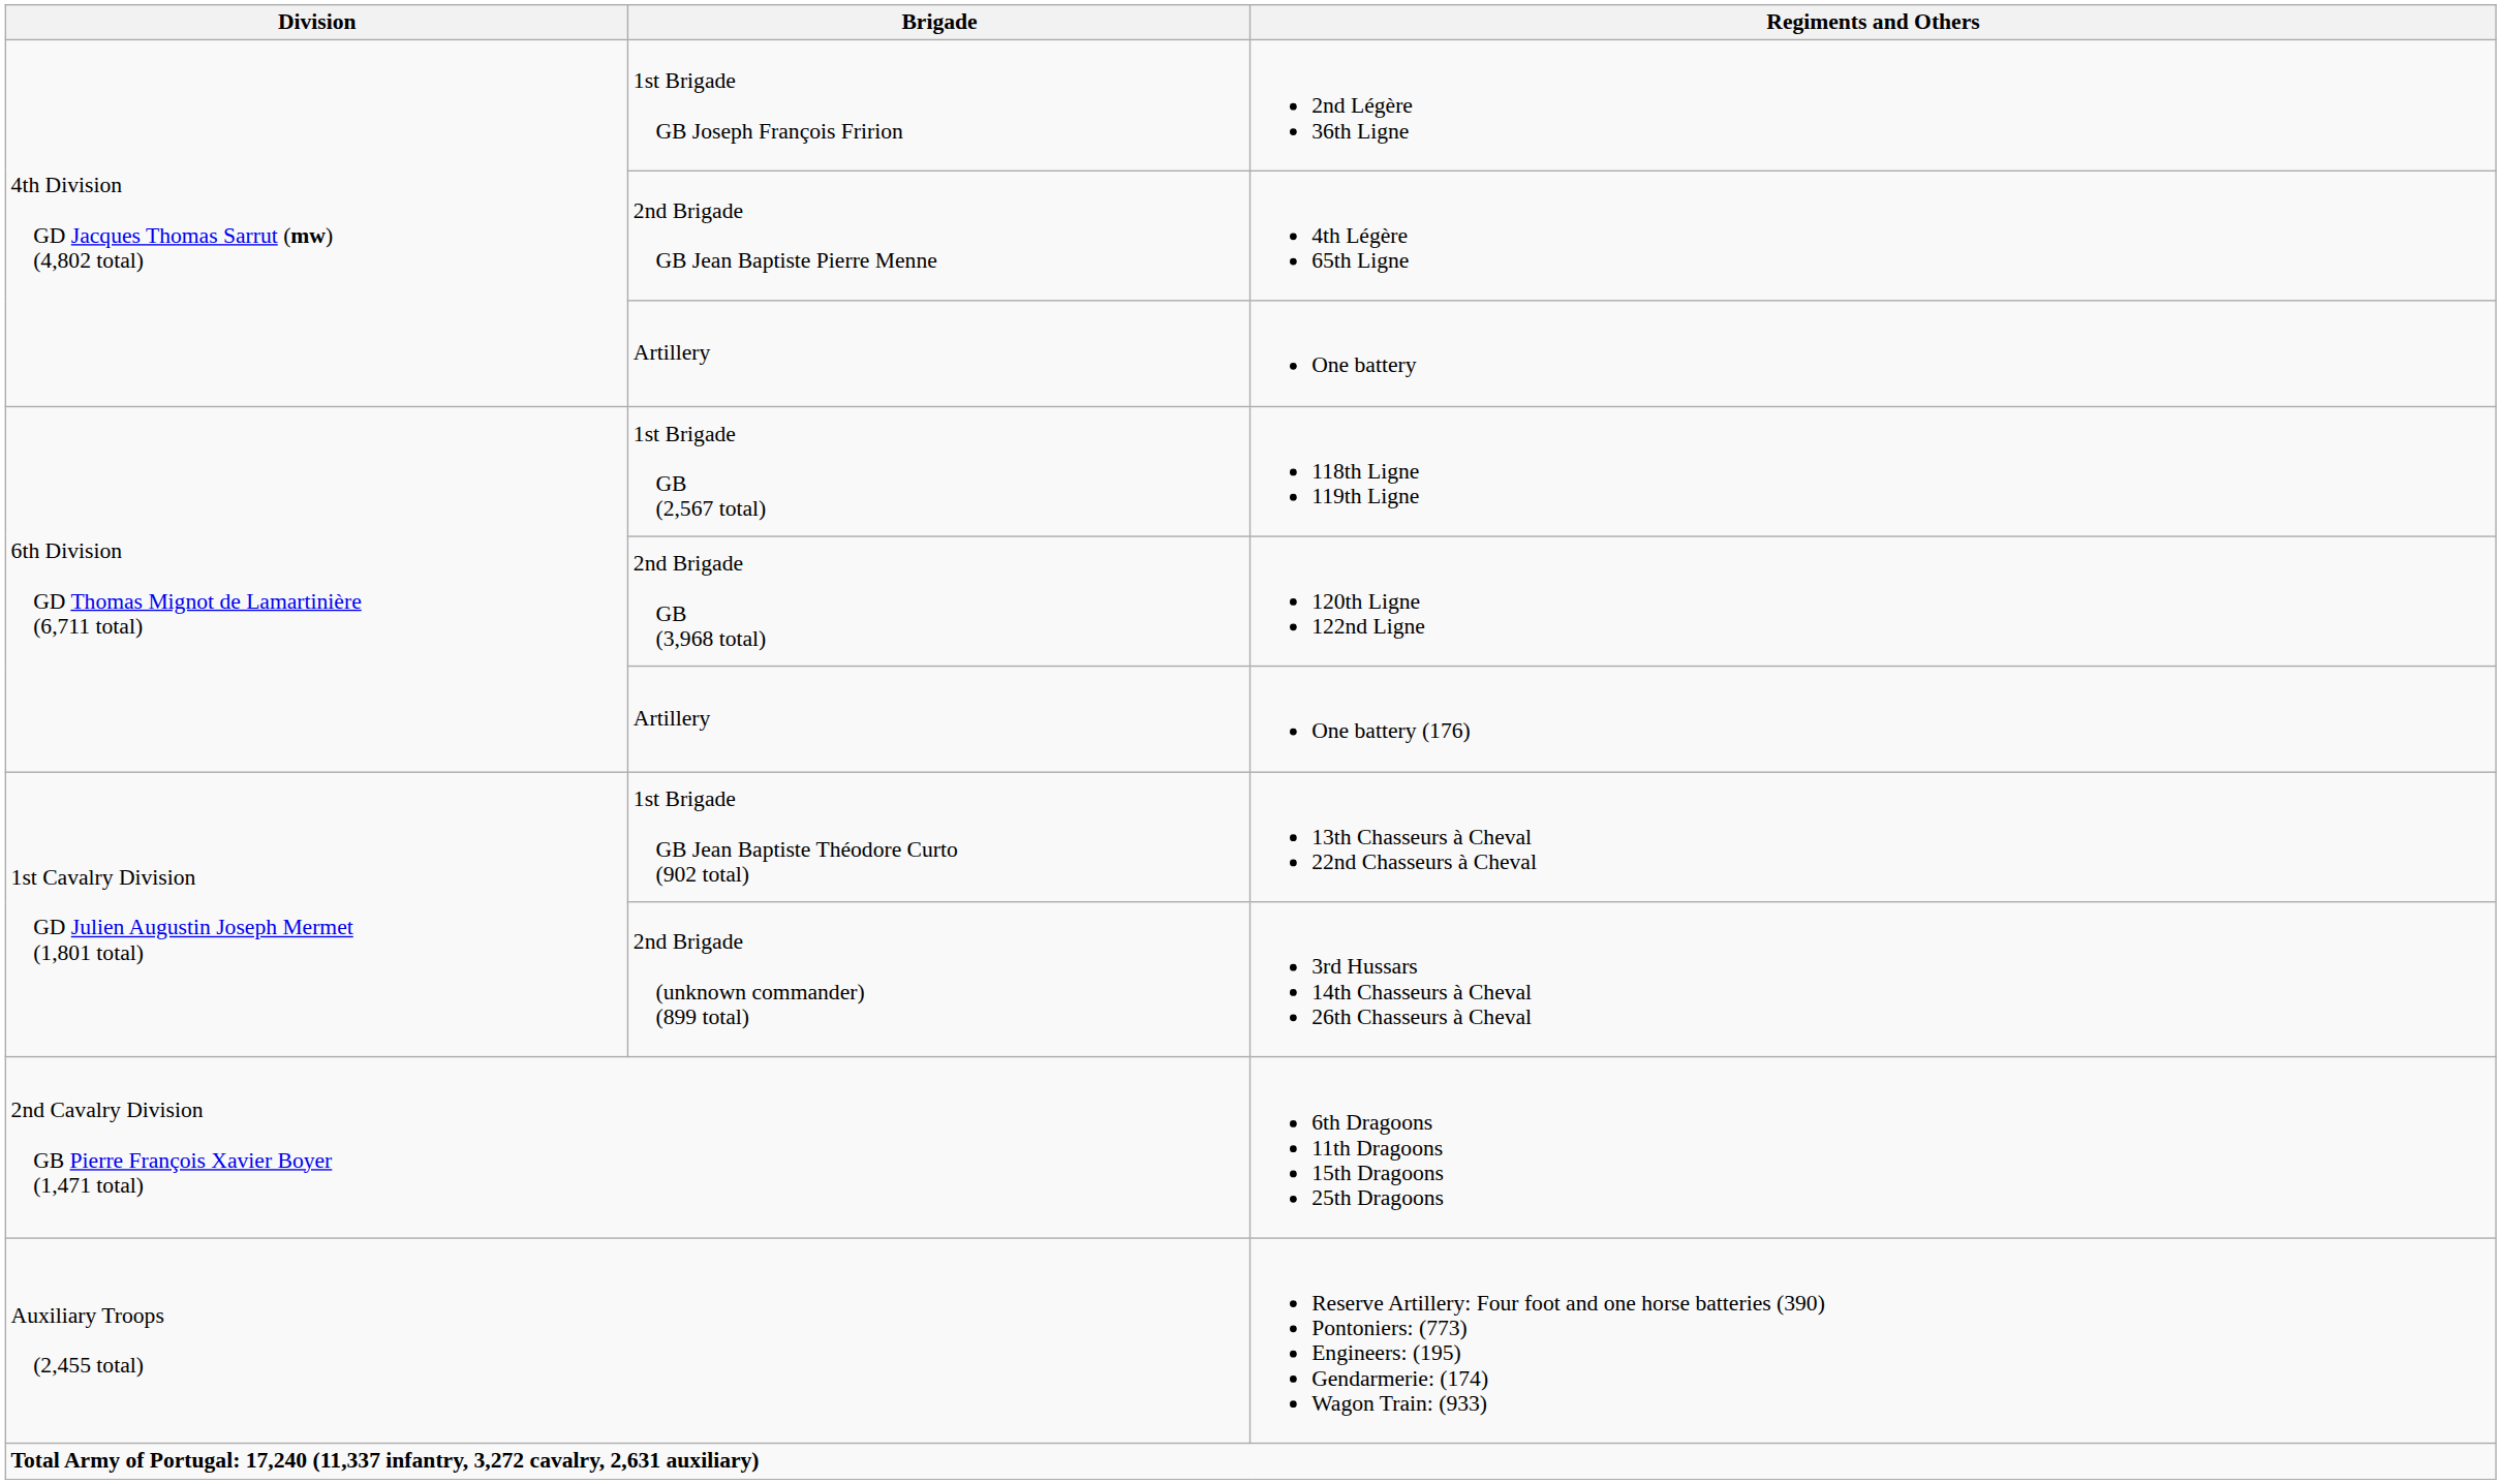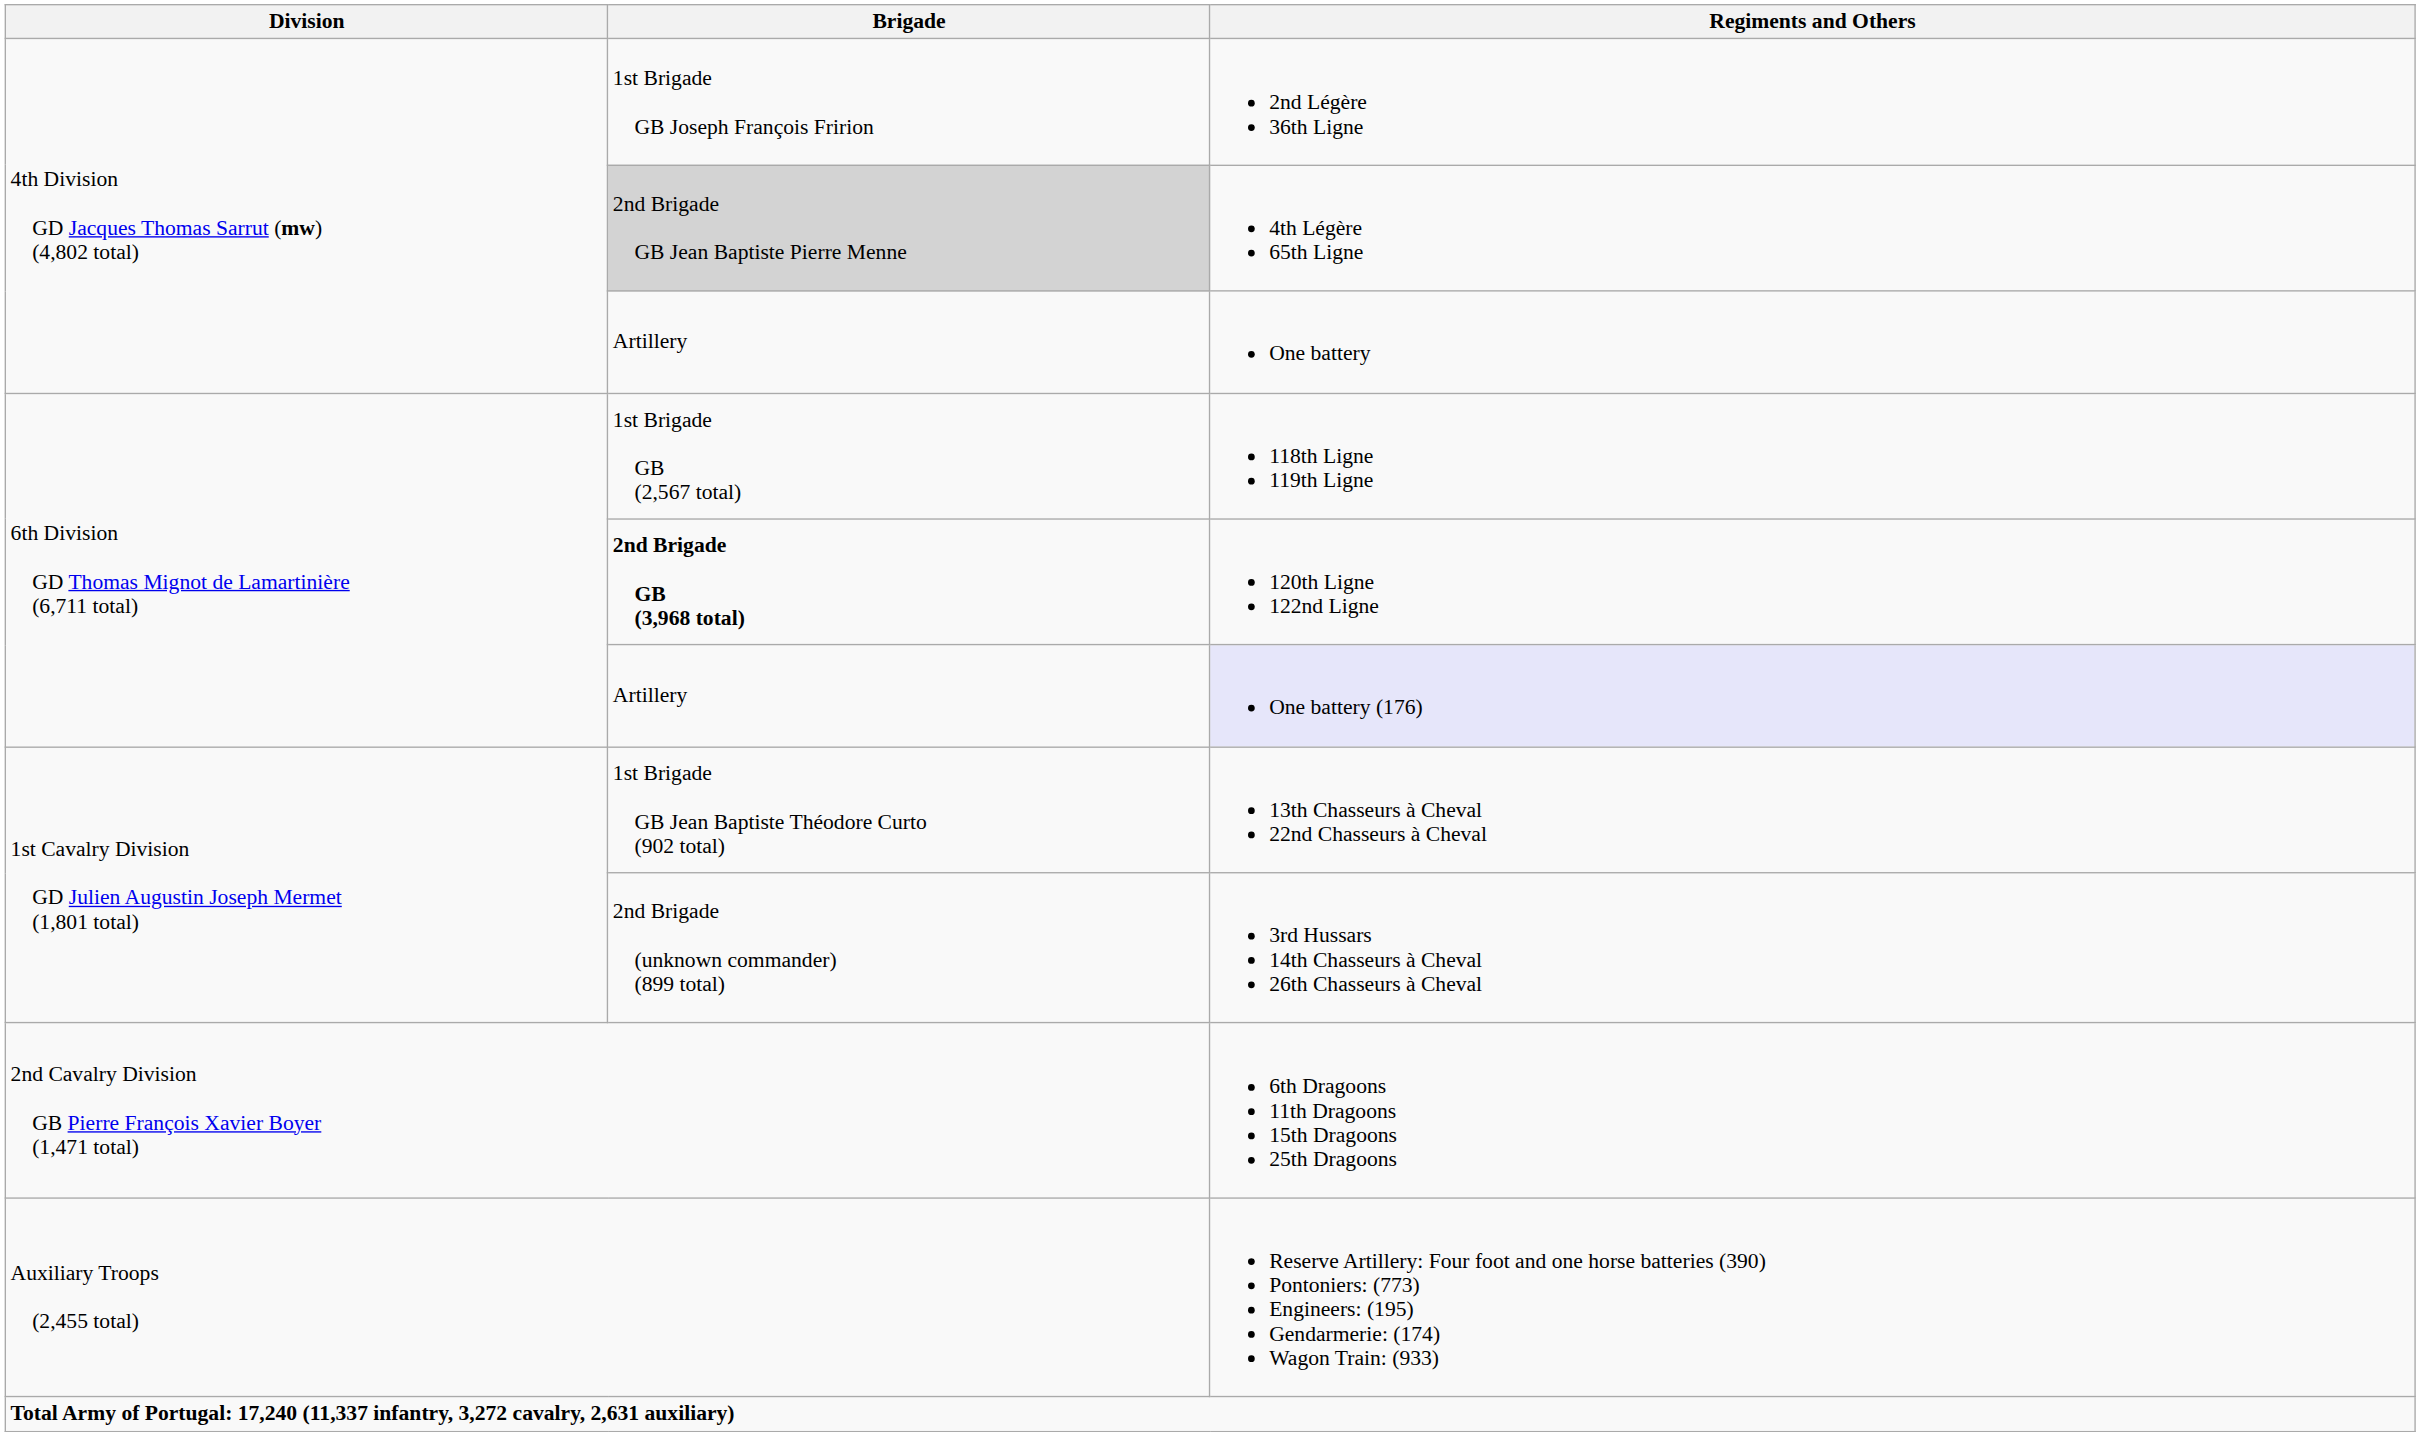 <table class="wikitable" width="90%" style="margin: 1em auto 1em auto">
 <tr>
 <th style="width:25%;">Division</th>
 <th style="width:25%;">Brigade</th>
 <th>Regiments and Others</th>
 </tr>
 <tr>
 <td rowspan=3>4th Division<br><br>    GD <a href='#'>Jacques Thomas Sarrut</a> (<strong>mw</strong>) <br>    (4,802 total)</td>
 <td>1st Brigade<br><br>    GB Joseph François Fririon</td>
 <td><br><ul><li>2nd Légère</li><li>36th Ligne</li></ul></td>
 </tr>
 <tr>
-<td>2nd Brigade<br><br>    GB Jean Baptiste Pierre Menne</td>
+<td style="background: lightgrey;">2nd Brigade<br><br>    GB Jean Baptiste Pierre Menne</td>
 <td><br><ul><li>4th Légère</li><li>65th Ligne</li></ul></td>
 </tr>
 <tr>
 <td>Artillery</td>
 <td><br><ul><li>One battery</li></ul></td>
 </tr>
 <tr>
 <td rowspan=3>6th Division<br><br>    GD <a href='#'>Thomas Mignot de Lamartinière</a> <br>    (6,711 total)</td>
 <td>1st Brigade<br><br>    GB  <br>    (2,567 total)</td>
 <td><br><ul><li>118th Ligne</li><li>119th Ligne</li></ul></td>
 </tr>
 <tr>
-<td>2nd Brigade<br><br>    GB  <br>    (3,968 total)</td>
+<td><strong>2nd Brigade<br><br>    GB  <br>    (3,968 total)</strong></td>
 <td><br><ul><li>120th Ligne</li><li>122nd Ligne</li></ul></td>
 </tr>
 <tr>
 <td>Artillery</td>
-<td><br><ul><li>One battery (176)</li></ul></td>
+<td style="background: lavender;"><br><ul><li>One battery (176)</li></ul></td>
 </tr>
 <tr>
 <td rowspan=2>1st Cavalry Division<br><br>    GD <a href='#'>Julien Augustin Joseph Mermet</a> <br>    (1,801 total)</td>
 <td>1st Brigade<br><br>    GB Jean Baptiste Théodore Curto <br>    (902 total)</td>
 <td><br><ul><li>13th Chasseurs à Cheval</li><li>22nd Chasseurs à Cheval</li></ul></td>
 </tr>
 <tr>
 <td>2nd Brigade<br><br>    (unknown commander) <br>    (899 total)</td>
 <td><br><ul><li>3rd Hussars</li><li>14th Chasseurs à Cheval</li><li>26th Chasseurs à Cheval</li></ul></td>
 </tr>
 <tr>
 <td colspan=2>2nd Cavalry Division<br><br>    GB <a href='#'>Pierre François Xavier Boyer</a> <br>    (1,471 total)</td>
 <td><br><ul><li>6th Dragoons</li><li>11th Dragoons</li><li>15th Dragoons</li><li>25th Dragoons</li></ul></td>
 </tr>
 <tr>
 <td colspan=2>Auxiliary Troops<br><br>    (2,455 total)</td>
 <td><br><ul><li>Reserve Artillery: Four foot and one horse batteries (390)</li><li>Pontoniers: (773)</li><li>Engineers: (195)</li><li>Gendarmerie: (174)</li><li>Wagon Train: (933)</li></ul></td>
 </tr>
 <tr>
 <td colspan=3><strong>Total Army of Portugal: 17,240 (11,337 infantry, 3,272 cavalry, 2,631 auxiliary)</strong></td>
 </tr>
 </table>
